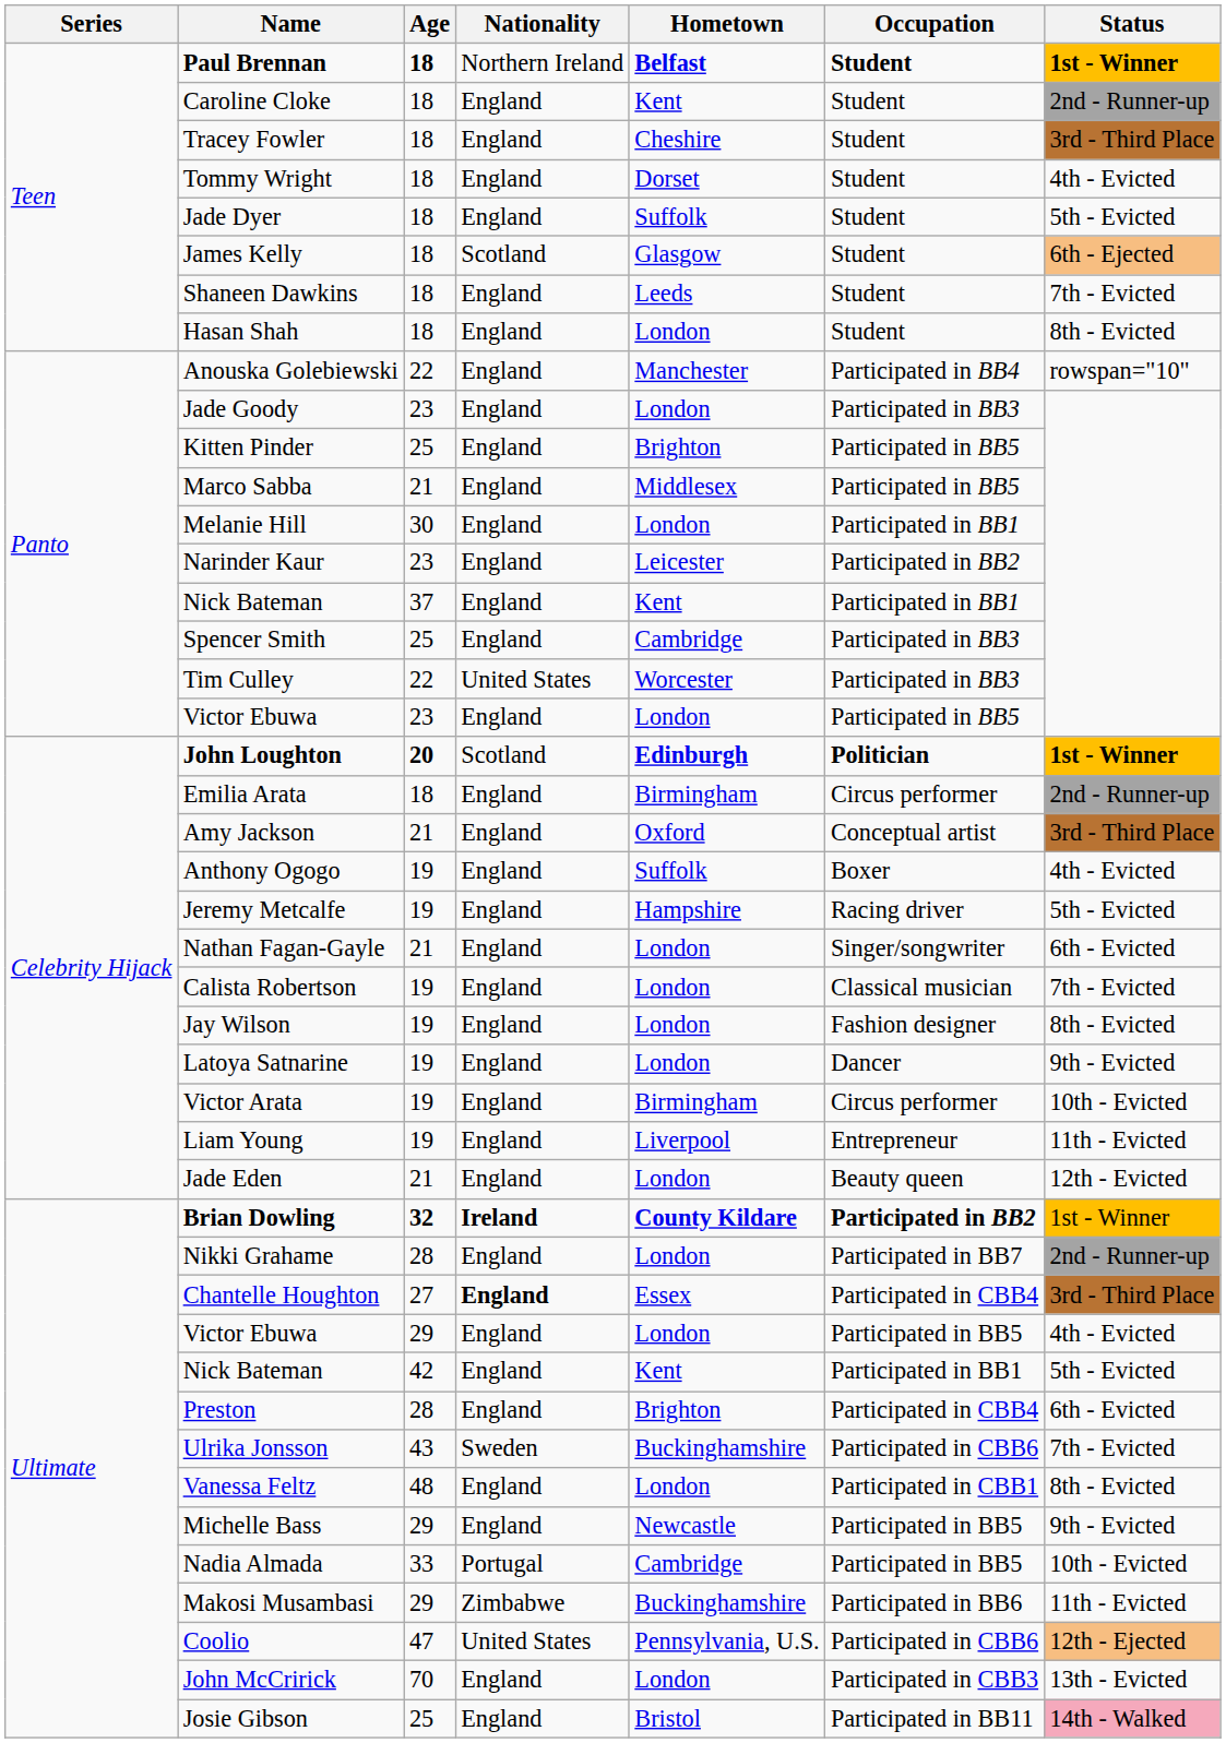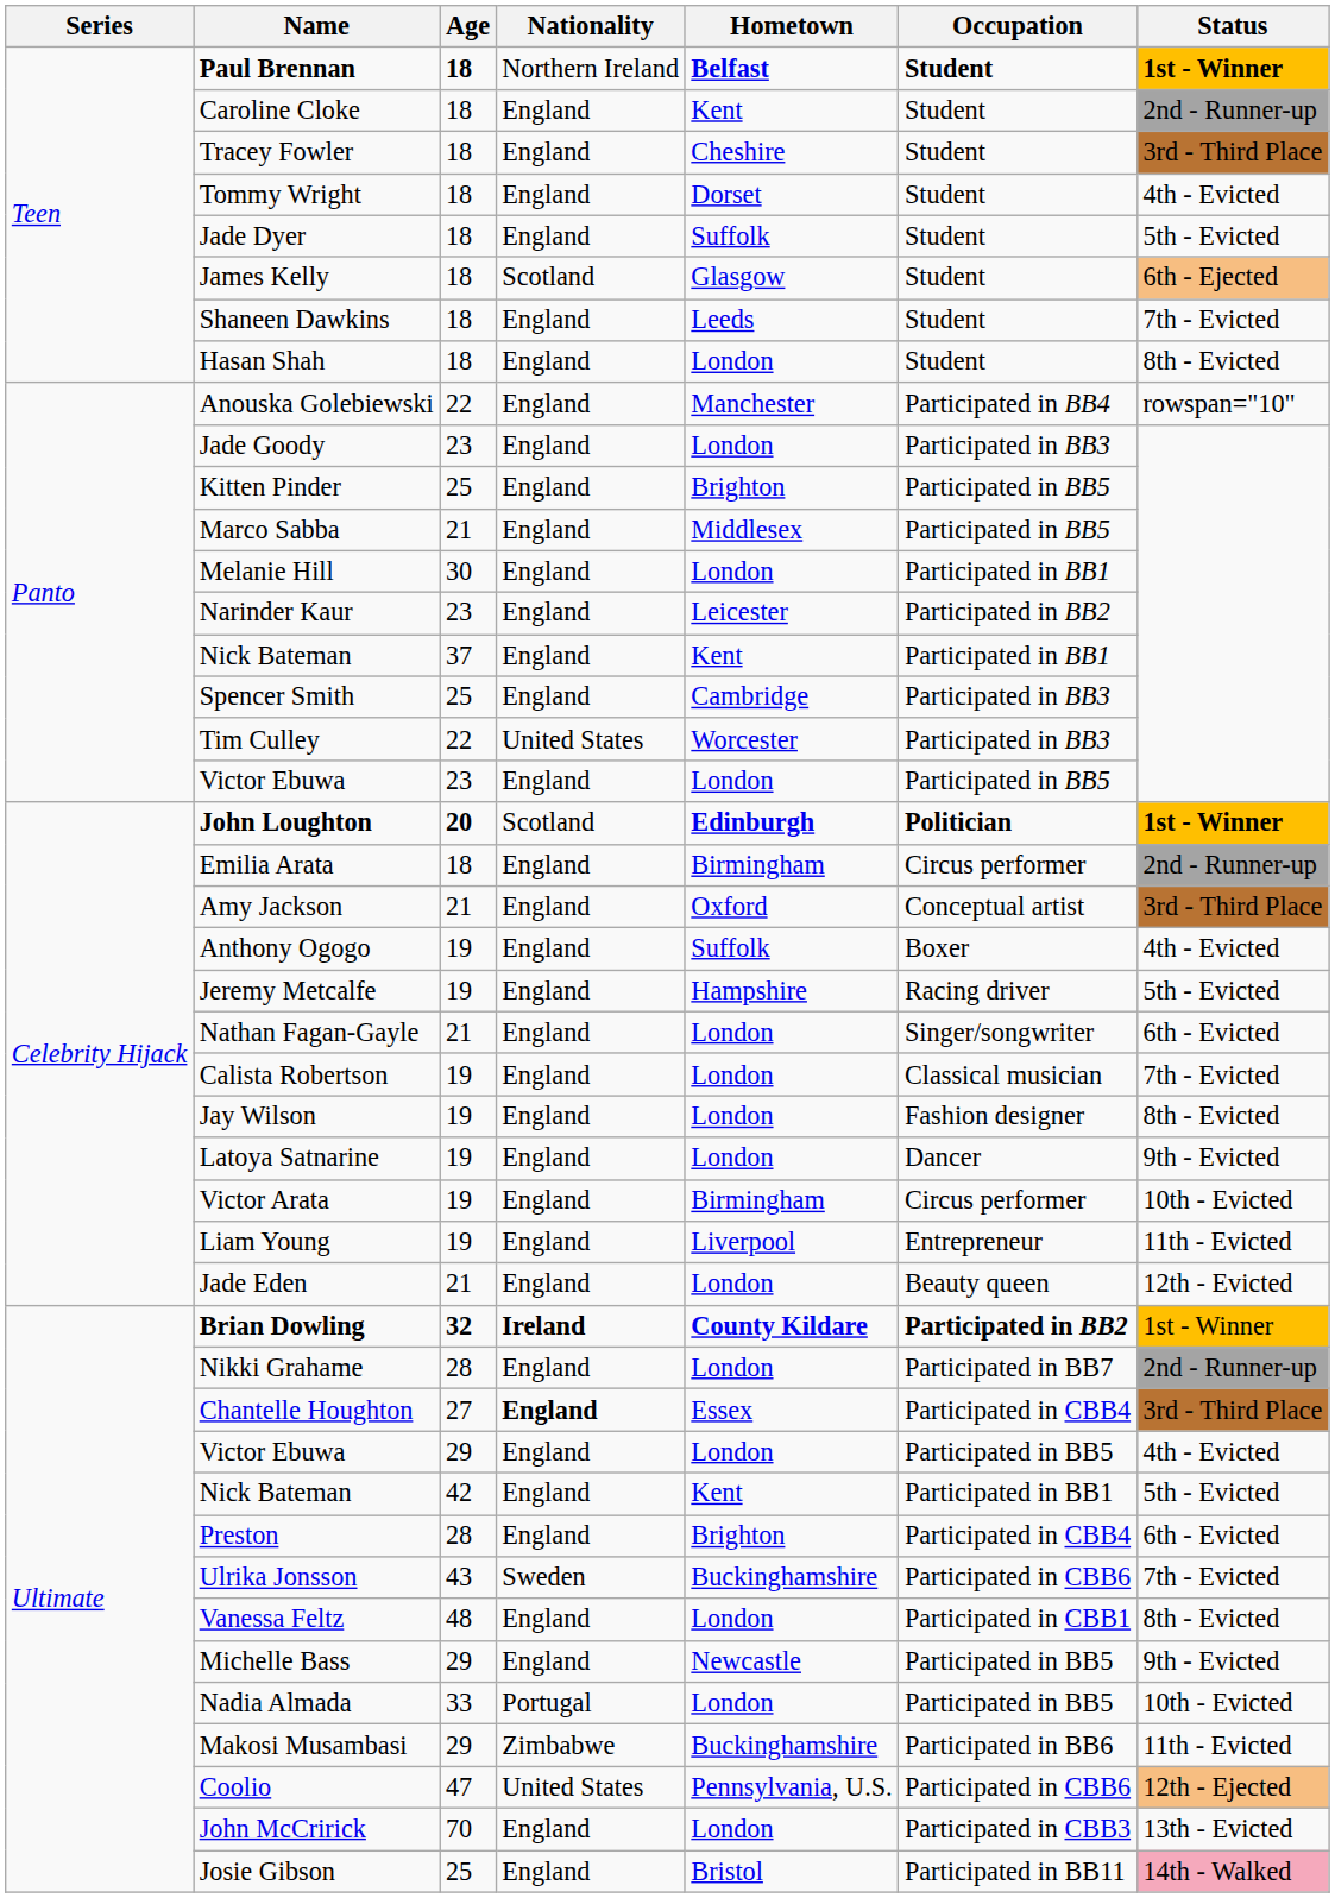 <table class="wikitable sortable" font-size:95%;">
 <tr>
 <th>Series</th>
 <th>Name</th>
 <th>Age</th>
 <th>Nationality</th>
 <th>Hometown</th>
 <th>Occupation</th>
 <th>Status</th>
 </tr>
 <tr>
 <td rowspan="8"><em><a href='#'>Teen</a></em></td>
 <td><strong>Paul Brennan</strong></td>
 <td><strong>18</strong></td>
 <td>Northern Ireland</td>
 <td><strong><a href='#'>Belfast</a></strong></td>
 <td><strong>Student</strong></td>
 <td style="background:#FFBF00;"><strong>1st - Winner</strong></td>
 </tr>
 <tr>
 <td>Caroline Cloke</td>
 <td>18</td>
 <td>England</td>
 <td><a href='#'>Kent</a></td>
 <td>Student</td>
 <td style="background:#A4A4A4;">2nd - Runner-up</td>
 </tr>
 <tr>
 <td>Tracey Fowler</td>
 <td>18</td>
 <td>England</td>
 <td><a href='#'>Cheshire</a></td>
 <td>Student</td>
 <td style="background:#B87333;">3rd - Third Place</td>
 </tr>
 <tr>
 <td>Tommy Wright</td>
 <td>18</td>
 <td>England</td>
 <td><a href='#'>Dorset</a></td>
 <td>Student</td>
 <td>4th - Evicted</td>
 </tr>
 <tr>
 <td>Jade Dyer</td>
 <td>18</td>
 <td>England</td>
 <td><a href='#'>Suffolk</a></td>
 <td>Student</td>
 <td>5th - Evicted</td>
 </tr>
 <tr>
 <td>James Kelly</td>
 <td>18</td>
 <td>Scotland</td>
 <td><a href='#'>Glasgow</a></td>
 <td>Student</td>
 <td style="background:#F7BE81;">6th - Ejected</td>
 </tr>
 <tr>
 <td>Shaneen Dawkins</td>
 <td>18</td>
 <td>England</td>
 <td><a href='#'>Leeds</a></td>
 <td>Student</td>
 <td>7th - Evicted</td>
 </tr>
 <tr>
 <td>Hasan Shah</td>
 <td>18</td>
 <td>England</td>
 <td><a href='#'>London</a></td>
 <td>Student</td>
 <td>8th - Evicted</td>
 </tr>
 <tr>
 <td rowspan="10"><em><a href='#'>Panto</a></em></td>
 <td>Anouska Golebiewski</td>
 <td>22</td>
 <td>England</td>
 <td><a href='#'>Manchester</a></td>
 <td>Participated in <em>BB4</em></td>
 <td>rowspan="10" </td>
 </tr>
 <tr>
 <td>Jade Goody</td>
 <td>23</td>
 <td>England</td>
 <td><a href='#'>London</a></td>
 <td>Participated in <em>BB3</em></td>
 </tr>
 <tr>
 <td>Kitten Pinder</td>
 <td>25</td>
 <td>England</td>
 <td><a href='#'>Brighton</a></td>
 <td>Participated in <em>BB5</em></td>
 </tr>
 <tr>
 <td>Marco Sabba</td>
 <td>21</td>
 <td>England</td>
 <td><a href='#'>Middlesex</a></td>
 <td>Participated in <em>BB5</em></td>
 </tr>
 <tr>
 <td>Melanie Hill</td>
 <td>30</td>
 <td>England</td>
 <td><a href='#'>London</a></td>
 <td>Participated in <em>BB1</em></td>
 </tr>
 <tr>
 <td>Narinder Kaur</td>
 <td>23</td>
 <td>England</td>
 <td><a href='#'>Leicester</a></td>
 <td>Participated in <em>BB2</em></td>
 </tr>
 <tr>
 <td>Nick Bateman</td>
 <td>37</td>
 <td>England</td>
 <td><a href='#'>Kent</a></td>
 <td>Participated in <em>BB1</em></td>
 </tr>
 <tr>
 <td>Spencer Smith</td>
 <td>25</td>
 <td>England</td>
 <td><a href='#'>Cambridge</a></td>
 <td>Participated in <em>BB3</em></td>
 </tr>
 <tr>
 <td>Tim Culley</td>
 <td>22</td>
 <td>United States</td>
 <td><a href='#'>Worcester</a></td>
 <td>Participated in <em>BB3</em></td>
 </tr>
 <tr>
 <td>Victor Ebuwa</td>
 <td>23</td>
 <td>England</td>
 <td><a href='#'>London</a></td>
 <td>Participated in <em>BB5</em></td>
 </tr>
 <tr>
 <td rowspan="12"><em><a href='#'>Celebrity Hijack</a></em></td>
 <td><strong>John Loughton</strong></td>
 <td><strong>20</strong></td>
 <td>Scotland</td>
 <td><strong><a href='#'>Edinburgh</a></strong></td>
 <td><strong>Politician</strong></td>
 <td style="background:#FFBF00;"><strong>1st - Winner</strong></td>
 </tr>
 <tr>
 <td>Emilia Arata</td>
 <td>18</td>
 <td>England</td>
 <td><a href='#'>Birmingham</a></td>
 <td>Circus performer</td>
 <td style="background:#A4A4A4;">2nd - Runner-up</td>
 </tr>
 <tr>
 <td>Amy Jackson</td>
 <td>21</td>
 <td>England</td>
 <td><a href='#'>Oxford</a></td>
 <td>Conceptual artist</td>
 <td style="background:#B87333;">3rd - Third Place</td>
 </tr>
 <tr>
 <td>Anthony Ogogo</td>
 <td>19</td>
 <td>England</td>
 <td><a href='#'>Suffolk</a></td>
 <td>Boxer</td>
 <td>4th - Evicted</td>
 </tr>
 <tr>
 <td>Jeremy Metcalfe</td>
 <td>19</td>
 <td>England</td>
 <td><a href='#'>Hampshire</a></td>
 <td>Racing driver</td>
 <td>5th - Evicted</td>
 </tr>
 <tr>
 <td>Nathan Fagan-Gayle</td>
 <td>21</td>
 <td>England</td>
 <td><a href='#'>London</a></td>
 <td>Singer/songwriter</td>
 <td>6th - Evicted</td>
 </tr>
 <tr>
 <td>Calista Robertson</td>
 <td>19</td>
 <td>England</td>
 <td><a href='#'>London</a></td>
 <td>Classical musician</td>
 <td>7th - Evicted</td>
 </tr>
 <tr>
 <td>Jay Wilson</td>
 <td>19</td>
 <td>England</td>
 <td><a href='#'>London</a></td>
 <td>Fashion designer</td>
 <td>8th - Evicted</td>
 </tr>
 <tr>
 <td>Latoya Satnarine</td>
 <td>19</td>
 <td>England</td>
 <td><a href='#'>London</a></td>
 <td>Dancer</td>
 <td>9th - Evicted</td>
 </tr>
 <tr>
 <td>Victor Arata</td>
 <td>19</td>
 <td>England</td>
 <td><a href='#'>Birmingham</a></td>
 <td>Circus performer</td>
 <td>10th - Evicted</td>
 </tr>
 <tr>
 <td>Liam Young</td>
 <td>19</td>
 <td>England</td>
 <td><a href='#'>Liverpool</a></td>
 <td>Entrepreneur</td>
 <td>11th - Evicted</td>
 </tr>
 <tr>
 <td>Jade Eden</td>
 <td>21</td>
 <td>England</td>
 <td><a href='#'>London</a></td>
 <td>Beauty queen</td>
 <td>12th - Evicted</td>
 </tr>
 <tr>
 <td rowspan="14"><em><a href='#'>Ultimate</a></em></td>
 <td><strong>Brian Dowling</strong></td>
 <td><strong>32</strong></td>
 <td><strong>Ireland</strong></td>
 <td><strong><a href='#'>County Kildare</a></strong></td>
 <td><strong>Participated in <em>BB2<strong><em></td>
 <td style="background:#FFBF00;"></strong>1st - Winner<strong></td>
 </tr>
 <tr>
 <td>Nikki Grahame</td>
 <td>28</td>
 <td>England</td>
 <td><a href='#'>London</a></td>
 <td>Participated in </em>BB7<em></td>
 <td style="background:#A4A4A4;">2nd - Runner-up</td>
 </tr>
 <tr>
 <td><a href='#'>Chantelle Houghton</a></td>
 <td>27</td>
 <td><strong>England</strong></td>
 <td><a href='#'>Essex</a></td>
 <td>Participated in </em><a href='#'>CBB4</a><em></td>
 <td style="background:#B87333;">3rd - Third Place</td>
 </tr>
 <tr>
 <td>Victor Ebuwa</td>
 <td>29</td>
 <td>England</td>
 <td><a href='#'>London</a></td>
 <td>Participated in </em>BB5<em></td>
 <td>4th - Evicted</td>
 </tr>
 <tr>
 <td>Nick Bateman</td>
 <td>42</td>
 <td>England</td>
 <td><a href='#'>Kent</a></td>
 <td>Participated in </em>BB1<em></td>
 <td>5th - Evicted</td>
 </tr>
 <tr>
 <td><a href='#'>Preston</a></td>
 <td>28</td>
 <td>England</td>
 <td><a href='#'>Brighton</a></td>
 <td>Participated in </em><a href='#'>CBB4</a><em></td>
 <td>6th - Evicted</td>
 </tr>
 <tr>
 <td><a href='#'>Ulrika Jonsson</a></td>
 <td>43</td>
 <td>Sweden</td>
 <td><a href='#'>Buckinghamshire</a></td>
 <td>Participated in </em><a href='#'>CBB6</a><em></td>
 <td>7th - Evicted</td>
 </tr>
 <tr>
 <td><a href='#'>Vanessa Feltz</a></td>
 <td>48</td>
 <td>England</td>
 <td><a href='#'>London</a></td>
 <td>Participated in </em><a href='#'>CBB1</a><em></td>
 <td>8th - Evicted</td>
 </tr>
 <tr>
 <td>Michelle Bass</td>
 <td>29</td>
 <td>England</td>
 <td><a href='#'>Newcastle</a></td>
 <td>Participated in </em>BB5<em></td>
 <td>9th - Evicted</td>
 </tr>
 <tr>
 <td>Nadia Almada</td>
 <td>33</td>
 <td>Portugal</td>
-<td><a href='#'>Cambridge</a></td>
+<td><a href='#'>London</a></td>
 <td>Participated in </em>BB5<em></td>
 <td>10th - Evicted</td>
 </tr>
 <tr>
 <td>Makosi Musambasi</td>
 <td>29</td>
 <td>Zimbabwe</td>
 <td><a href='#'>Buckinghamshire</a></td>
 <td>Participated in </em>BB6<em></td>
 <td>11th - Evicted</td>
 </tr>
 <tr>
 <td><a href='#'>Coolio</a></td>
 <td>47</td>
 <td>United States</td>
 <td><a href='#'>Pennsylvania</a>, U.S.</td>
 <td>Participated in </em><a href='#'>CBB6</a><em></td>
 <td style="background:#F7BE81;">12th - Ejected</td>
 </tr>
 <tr>
 <td><a href='#'>John McCririck</a></td>
 <td>70</td>
 <td>England</td>
 <td><a href='#'>London</a></td>
 <td>Participated in </em><a href='#'>CBB3</a><em></td>
 <td>13th - Evicted</td>
 </tr>
 <tr>
 <td>Josie Gibson</td>
 <td>25</td>
 <td>England</td>
 <td><a href='#'>Bristol</a></td>
 <td>Participated in </em>BB11<em></td>
 <td style="background:#F5A9BC;">14th - Walked</td>
 </tr>
 </table>
